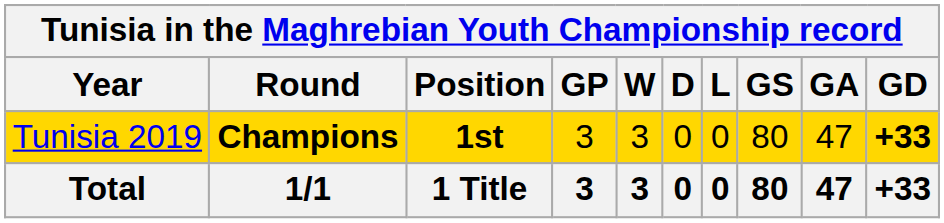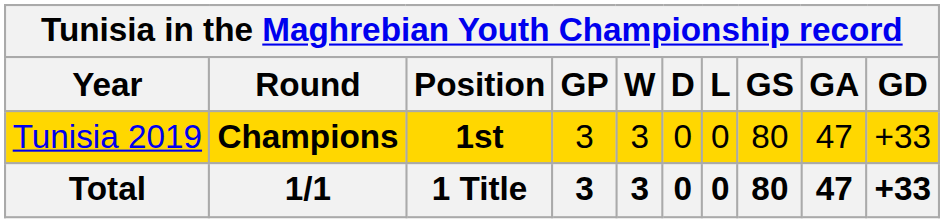 <table class="wikitable" style="text-align: center;">
 <tr>
 <th colspan=10>Tunisia in the <a href='#'>Maghrebian Youth Championship record</a></th>
 </tr>
 <tr>
 <th>Year</th>
 <th>Round</th>
 <th>Position</th>
 <th>GP</th>
 <th>W</th>
 <th>D</th>
 <th>L</th>
 <th>GS</th>
 <th>GA</th>
 <th>GD</th>
 </tr>
 <tr bgcolor=gold>
 <td> <a href='#'>Tunisia 2019</a></td>
 <td><strong>Champions</strong></td>
 <td><strong>1st</strong></td>
 <td>3</td>
 <td>3</td>
 <td>0</td>
 <td>0</td>
 <td>80</td>
 <td>47</td>
-<td><strong>+33</strong></td>
+<td>+33</td>
 </tr>
 <tr>
 <th>Total</th>
 <th>1/1</th>
 <th>1 Title</th>
 <th>3</th>
 <th>3</th>
 <th>0</th>
 <th>0</th>
 <th>80</th>
 <th>47</th>
 <th>+33</th>
 </tr>
 </table>
